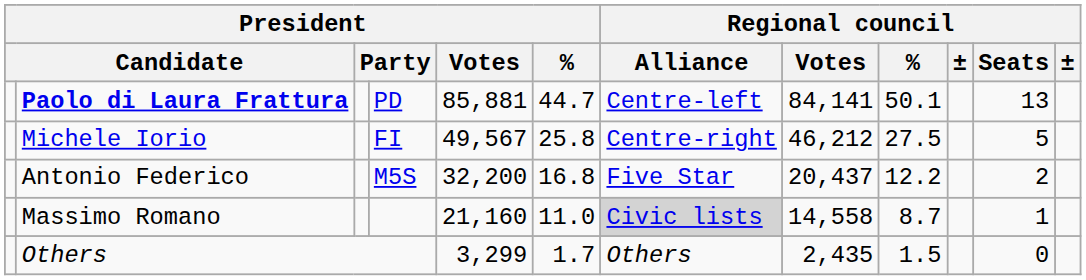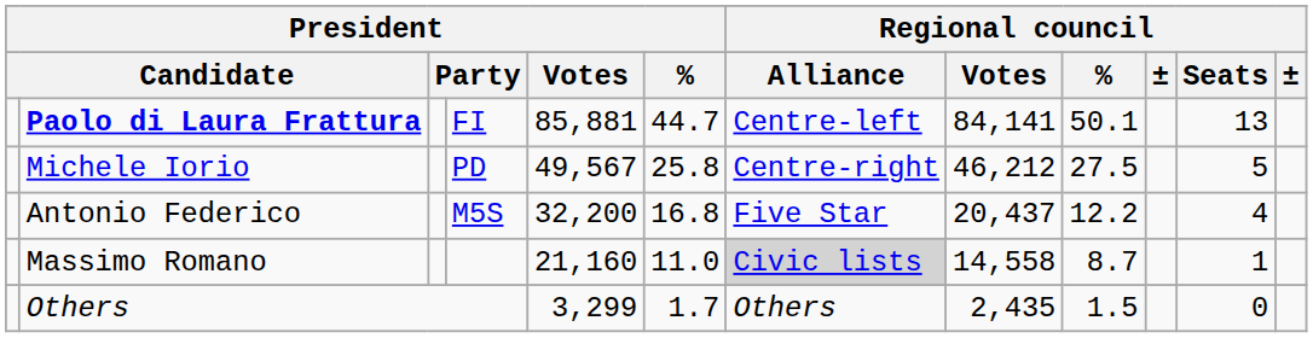 <table class="wikitable" style="text-align:right">
 <tr>
 <th colspan="6">President</th>
 <th colspan="6">Regional council</th>
 </tr>
 <tr>
 <th colspan="2">Candidate</th>
 <th colspan="2">Party</th>
 <th>Votes</th>
 <th>%</th>
 <th>Alliance</th>
 <th>Votes</th>
 <th>%</th>
 <th>±</th>
 <th>Seats</th>
 <th>±</th>
 </tr>
 <tr>
 <td></td>
 <td style="text-align:left"><strong><a href='#'>Paolo di Laura Frattura</a></strong></td>
 <td></td>
-<td style="text-align:left"><a href='#'>PD</a></td>
+<td style="text-align:left"><a href='#'>FI</a></td>
 <td>85,881</td>
 <td>44.7</td>
 <td style="text-align:left"><a href='#'>Centre-left</a></td>
 <td>84,141</td>
 <td>50.1</td>
 <td></td>
 <td>13</td>
 <td></td>
 </tr>
 <tr>
 <td></td>
 <td style="text-align:left"><a href='#'>Michele Iorio</a></td>
 <td></td>
-<td style="text-align:left"><a href='#'>FI</a></td>
+<td style="text-align:left"><a href='#'>PD</a></td>
 <td>49,567</td>
 <td>25.8</td>
 <td style="text-align:left"><a href='#'>Centre-right</a></td>
 <td>46,212</td>
 <td>27.5</td>
 <td></td>
 <td>5</td>
 <td></td>
 </tr>
 <tr>
 <td></td>
 <td style="text-align:left">Antonio Federico</td>
 <td></td>
 <td style="text-align:left"><a href='#'>M5S</a></td>
 <td>32,200</td>
 <td>16.8</td>
 <td style="text-align:left"><a href='#'>Five Star</a></td>
 <td>20,437</td>
 <td>12.2</td>
 <td></td>
-<td>2</td>
+<td>4</td>
 <td></td>
 </tr>
 <tr>
 <td></td>
 <td style="text-align:left">Massimo Romano</td>
 <td></td>
 <td style="text-align:left"></td>
 <td>21,160</td>
 <td>11.0</td>
 <td style="background: lightgrey; text-align:left"><a href='#'>Civic lists</a></td>
 <td>14,558</td>
 <td>8.7</td>
 <td></td>
 <td>1</td>
 <td></td>
 </tr>
 <tr>
 <td></td>
 <td colspan="3" style="text-align:left"><em>Others</em></td>
 <td>3,299</td>
 <td>1.7</td>
 <td style="text-align:left"><em>Others</em></td>
 <td>2,435</td>
 <td>1.5</td>
 <td></td>
 <td>0</td>
 <td></td>
 </tr>
 </table>
